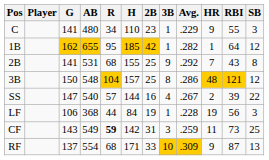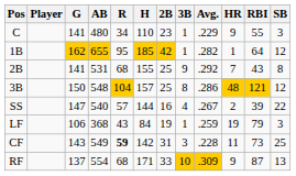 <table class="wikitable sortable">
 <tr>
 <th>Pos</th>
 <th>Player</th>
 <th>G</th>
 <th>AB</th>
 <th>R</th>
 <th>H</th>
 <th>2B</th>
 <th>3B</th>
 <th>Avg.</th>
 <th>HR</th>
 <th>RBI</th>
 <th>SB</th>
 </tr>
 <tr align="center">
 <td>C</td>
 <td></td>
 <td>141</td>
 <td>480</td>
 <td>34</td>
 <td>110</td>
 <td>23</td>
 <td>1</td>
 <td>.229</td>
 <td>9</td>
 <td>55</td>
 <td>3</td>
 </tr>
 <tr align="center">
 <td>1B</td>
 <td></td>
 <td bgcolor="#FFCC00">162</td>
 <td bgcolor="#FFCC00">655</td>
 <td>95</td>
 <td bgcolor="#FFCC00">185</td>
 <td bgcolor="#FFCC00">42</td>
 <td>1</td>
 <td>.282</td>
 <td>1</td>
 <td>64</td>
 <td>12</td>
 </tr>
 <tr align="center">
 <td>2B</td>
 <td></td>
 <td>141</td>
 <td>531</td>
 <td>68</td>
 <td>155</td>
 <td>25</td>
 <td>9</td>
 <td>.292</td>
 <td>7</td>
 <td>43</td>
 <td>8</td>
 </tr>
 <tr align="center">
 <td>3B</td>
 <td></td>
 <td>150</td>
 <td>548</td>
 <td bgcolor="#FFCC00">104</td>
 <td>157</td>
 <td>25</td>
 <td>8</td>
 <td>.286</td>
 <td bgcolor="#FFCC00">48</td>
 <td bgcolor="#FFCC00">121</td>
 <td>12</td>
 </tr>
 <tr align="center">
 <td>SS</td>
 <td></td>
 <td>147</td>
 <td>540</td>
 <td>57</td>
 <td>144</td>
 <td>16</td>
 <td>4</td>
 <td>.267</td>
 <td>2</td>
 <td>39</td>
 <td>22</td>
 </tr>
 <tr align="center">
 <td>LF</td>
 <td></td>
 <td>106</td>
 <td>368</td>
-<td>44</td>
+<td>43</td>
 <td>84</td>
 <td>19</td>
 <td>1</td>
-<td>.228</td>
+<td>.259</td>
 <td>19</td>
-<td>56</td>
+<td>79</td>
 <td>3</td>
 </tr>
 <tr align="center">
 <td>CF</td>
 <td></td>
 <td>143</td>
 <td>549</td>
 <td><strong>59</strong></td>
 <td>142</td>
 <td>31</td>
 <td>3</td>
-<td>.259</td>
+<td>.228</td>
 <td>11</td>
 <td>73</td>
 <td>25</td>
 </tr>
 <tr align="center">
 <td>RF</td>
 <td></td>
 <td>137</td>
 <td>554</td>
 <td>68</td>
 <td>171</td>
 <td>33</td>
 <td bgcolor="#FFCC00">10</td>
 <td bgcolor="#FFCC00">.309</td>
 <td>9</td>
 <td>87</td>
 <td>13</td>
 </tr>
 </table>
